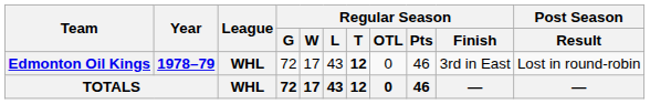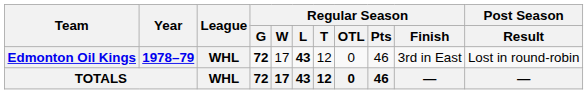 <table class="wikitable" style="font-size: 95%; text-align:center;">
 <tr>
 <th rowspan="2">Team</th>
 <th rowspan="2">Year</th>
 <th rowspan="2">League</th>
 <th colspan="7">Regular Season</th>
 <th colspan="1">Post Season</th>
 </tr>
 <tr>
 <th>G</th>
 <th>W</th>
 <th>L</th>
 <th>T</th>
 <th>OTL</th>
 <th>Pts</th>
 <th>Finish</th>
 <th>Result</th>
 </tr>
 <tr>
 <th><a href='#'>Edmonton Oil Kings</a></th>
 <th><a href='#'>1978–79</a></th>
 <th>WHL</th>
-<td>72</td>
+<td><strong>72</strong></td>
 <td>17</td>
-<td>43</td>
-<td><strong>12</strong></td>
+<td><strong>43</strong></td>
+<td>12</td>
 <td>0</td>
 <td>46</td>
 <td>3rd in East</td>
 <td>Lost in round-robin</td>
 </tr>
 <tr>
 <th colspan="2">TOTALS</th>
 <th>WHL</th>
 <th>72</th>
 <th>17</th>
 <th>43</th>
 <th>12</th>
 <th>0</th>
 <th>46</th>
 <th>—</th>
 <th>—</th>
 </tr>
 </table>
